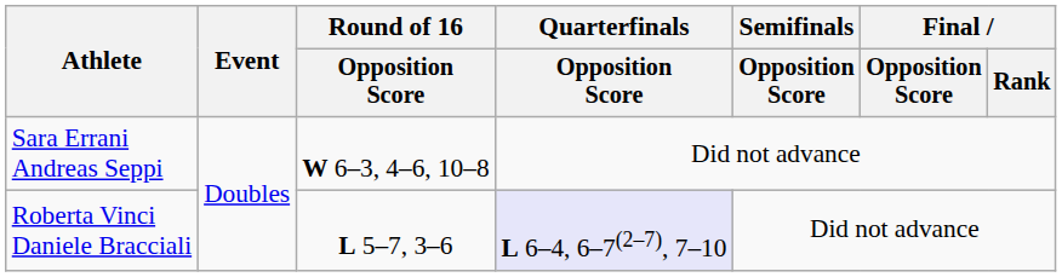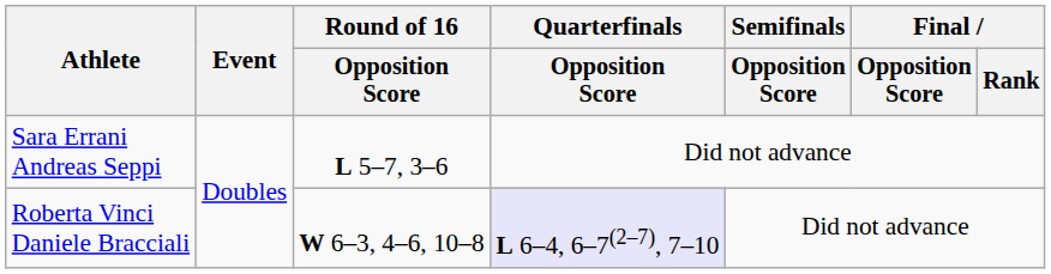 <table class=wikitable style="font-size:90%">
 <tr>
 <th rowspan="2">Athlete</th>
 <th rowspan="2">Event</th>
 <th>Round of 16</th>
 <th>Quarterfinals</th>
 <th>Semifinals</th>
 <th colspan=2>Final / </th>
 </tr>
 <tr style="font-size:95%">
 <th>Opposition<br>Score</th>
 <th>Opposition<br>Score</th>
 <th>Opposition<br>Score</th>
 <th>Opposition<br>Score</th>
 <th>Rank</th>
 </tr>
 <tr align=center>
 <td align=left><a href='#'>Sara Errani</a><br><a href='#'>Andreas Seppi</a></td>
 <td align=left rowspan=2><a href='#'>Doubles</a></td>
-<td> <br><strong>W</strong> 6–3, 4–6, 10–8</td>
+<td> <br><strong>L</strong> 5–7, 3–6</td>
 <td colspan=4>Did not advance</td>
 </tr>
 <tr align=center>
 <td align=left><a href='#'>Roberta Vinci</a><br><a href='#'>Daniele Bracciali</a></td>
-<td> <br><strong>L</strong> 5–7, 3–6</td>
+<td> <br><strong>W</strong> 6–3, 4–6, 10–8</td>
 <td style="background: lavender;"> <br><strong>L</strong> 6–4, 6–7<sup>(2–7)</sup>, 7–10</td>
 <td colspan=3>Did not advance</td>
 </tr>
 </table>
